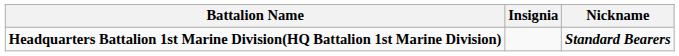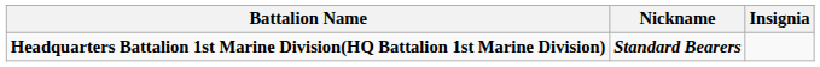 <table class="wikitable sortable" style="margin:1em auto; text-align:center;">
 <tr bgcolor="#CCCCCC">
 <th><strong>Battalion Name</strong></th>
+<th><strong>Nickname</strong></th>
 <th><strong>Insignia</strong></th>
-<th><strong>Nickname</strong></th>
 </tr>
 <tr>
 <td><strong>Headquarters Battalion 1st Marine Division(HQ Battalion 1st Marine Division)</strong></td>
+<td><strong><em>Standard Bearers</em></strong></td>
 <td></td>
-<td><strong><em>Standard Bearers</em></strong></td>
 </tr>
 </table>
